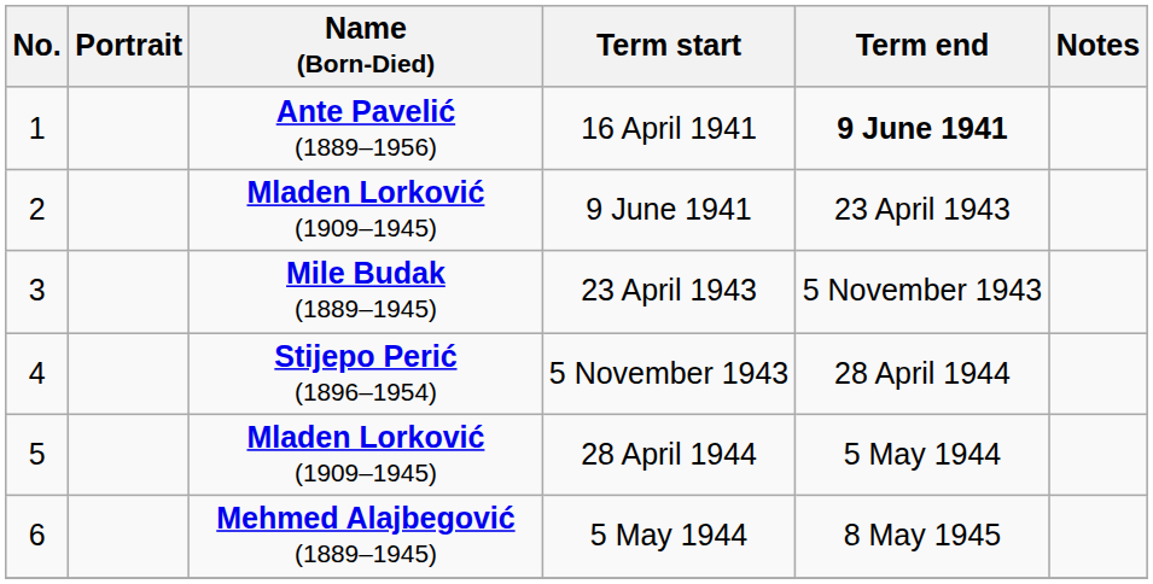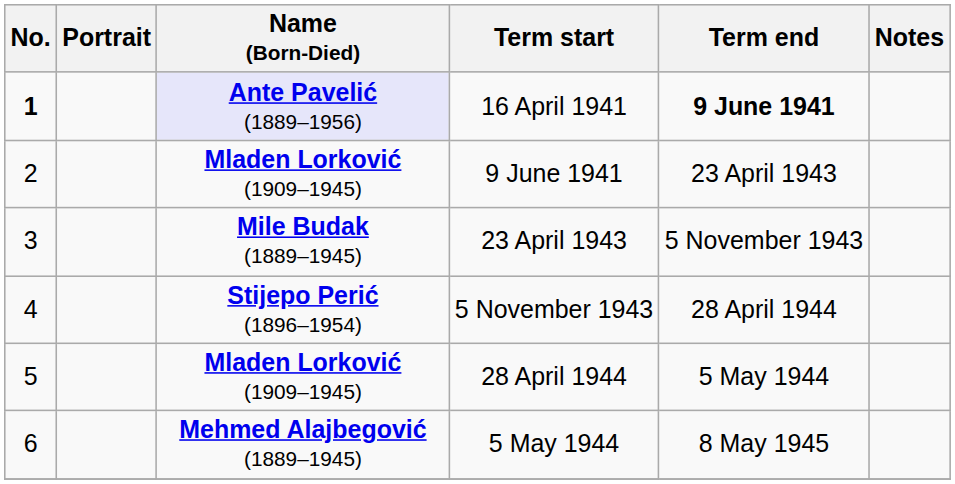 <table class="wikitable" style="text-align:center">
 <tr ->
 <th>No.</th>
 <th>Portrait</th>
 <th width=180>Name<br><small>(Born-Died)</small></th>
 <th>Term start</th>
 <th>Term end</th>
 <th>Notes</th>
 </tr>
 <tr ->
-<td>1</td>
+<td><strong>1</strong></td>
 <td></td>
-<td><strong><a href='#'>Ante Pavelić</a><br></strong><small>(1889–1956)</small></td>
+<td style="background: lavender;"><strong><a href='#'>Ante Pavelić</a><br></strong><small>(1889–1956)</small></td>
 <td>16 April 1941</td>
 <td><strong>9 June 1941</strong></td>
 <td></td>
 </tr>
 <tr ->
 <td>2</td>
 <td></td>
 <td><strong><a href='#'>Mladen Lorković</a><br></strong><small>(1909–1945)</small></td>
 <td>9 June 1941</td>
 <td>23 April 1943</td>
 <td></td>
 </tr>
 <tr ->
 <td>3</td>
 <td></td>
 <td><strong><a href='#'>Mile Budak</a><br></strong><small>(1889–1945)</small></td>
 <td>23 April 1943</td>
 <td>5 November 1943</td>
 <td></td>
 </tr>
 <tr ->
 <td>4</td>
 <td></td>
 <td><strong><a href='#'>Stijepo Perić</a><br></strong><small>(1896–1954)</small></td>
 <td>5 November 1943</td>
 <td>28 April 1944</td>
 <td></td>
 </tr>
 <tr ->
 <td>5</td>
 <td></td>
 <td><strong><a href='#'>Mladen Lorković</a><br></strong><small>(1909–1945)</small></td>
 <td>28 April 1944</td>
 <td>5 May 1944</td>
 <td></td>
 </tr>
 <tr ->
 <td>6</td>
 <td></td>
 <td><strong><a href='#'>Mehmed Alajbegović</a><br></strong><small>(1889–1945)</small></td>
 <td>5 May 1944</td>
 <td>8 May 1945</td>
 <td></td>
 </tr>
 <tr ->
 </tr>
 </table>
